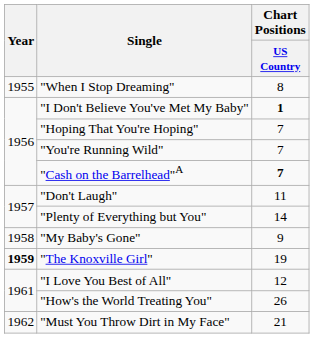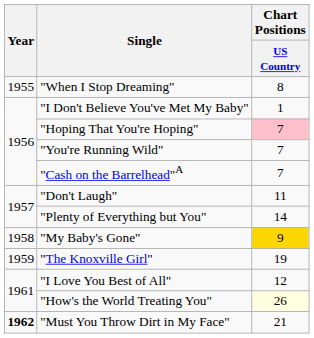 <table class="wikitable">
 <tr>
 <th rowspan="2">Year</th>
 <th rowspan="2">Single</th>
 <th>Chart Positions</th>
 </tr>
 <tr>
 <th width="50"><small><a href='#'>US Country</a></small></th>
 </tr>
 <tr>
 <td>1955</td>
 <td>"When I Stop Dreaming"</td>
 <td style="text-align:center;">8</td>
 </tr>
 <tr>
 <td rowspan=4>1956</td>
 <td>"I Don't Believe You've Met My Baby"</td>
-<td style="text-align:center;"><strong>1</strong></td>
+<td style="text-align:center;">1</td>
 </tr>
 <tr>
 <td>"Hoping That You're Hoping"</td>
-<td style="text-align:center;">7</td>
+<td style="background: pink; text-align:center;">7</td>
 </tr>
 <tr>
 <td>"You're Running Wild"</td>
 <td style="text-align:center;">7</td>
 </tr>
 <tr>
 <td>"<a href='#'>Cash on the Barrelhead</a>"<sup>A</sup></td>
-<td style="text-align:center;"><strong>7</strong></td>
+<td style="text-align:center;">7</td>
 </tr>
 <tr>
 <td rowspan=2>1957</td>
 <td>"Don't Laugh"</td>
 <td style="text-align:center;">11</td>
 </tr>
 <tr>
 <td>"Plenty of Everything but You"</td>
 <td style="text-align:center;">14</td>
 </tr>
 <tr>
 <td>1958</td>
 <td>"My Baby's Gone"</td>
-<td style="text-align:center;">9</td>
+<td style="background: gold; text-align:center;">9</td>
 </tr>
 <tr>
-<td><strong>1959</strong></td>
+<td>1959</td>
 <td>"<a href='#'>The Knoxville Girl</a>"</td>
 <td style="text-align:center;">19</td>
 </tr>
 <tr>
 <td rowspan=2>1961</td>
 <td>"I Love You Best of All"</td>
 <td style="text-align:center;">12</td>
 </tr>
 <tr>
 <td>"How's the World Treating You"</td>
-<td style="text-align:center;">26</td>
+<td style="background: lightyellow; text-align:center;">26</td>
 </tr>
 <tr>
-<td>1962</td>
+<td><strong>1962</strong></td>
 <td>"Must You Throw Dirt in My Face"</td>
 <td style="text-align:center;">21</td>
 </tr>
 </table>
